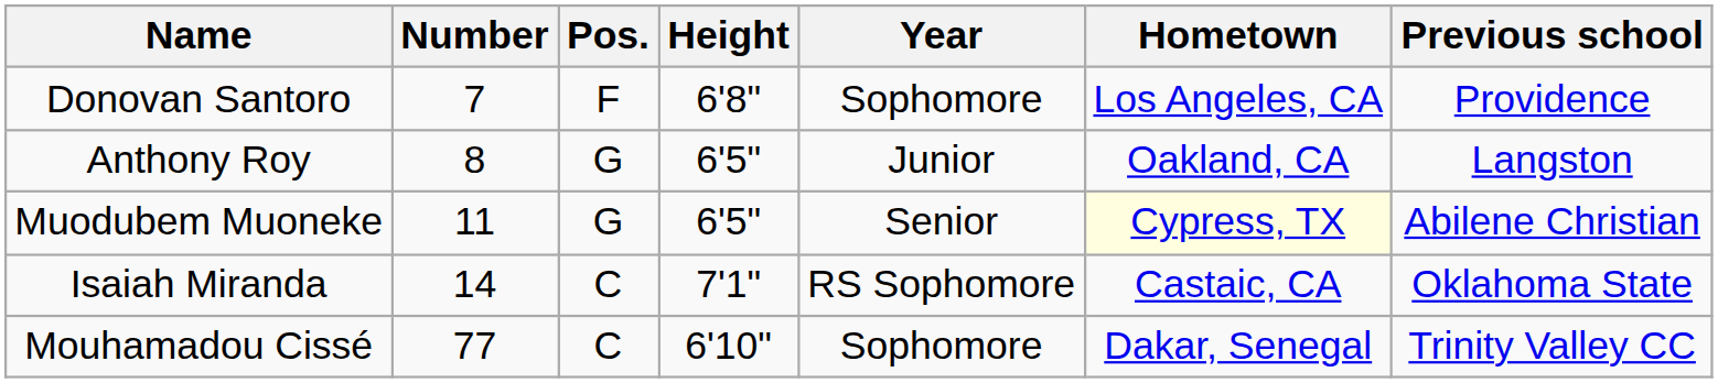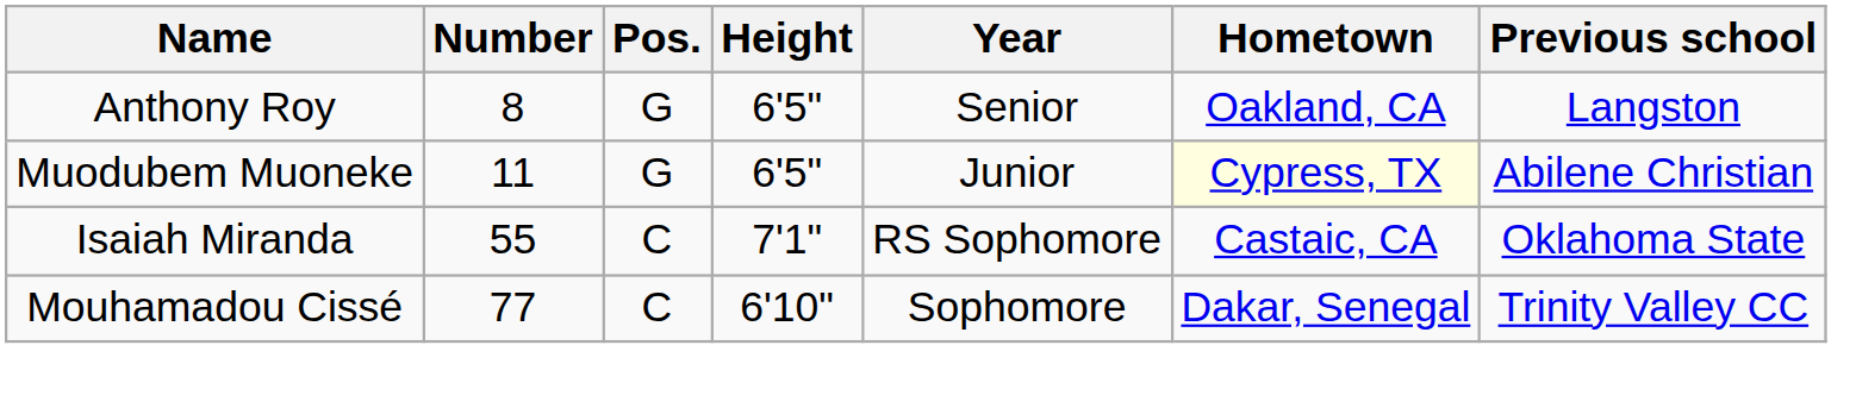 <table class="wikitable sortable sortable" style="text-align:center">
 <tr align=center>
 <th>Name</th>
 <th>Number</th>
 <th>Pos.</th>
 <th>Height</th>
 <th>Year</th>
 <th>Hometown</th>
 <th class="unsortable">Previous school</th>
 </tr>
 <tr>
-<td>Donovan Santoro</td>
-<td>7</td>
-<td>F</td>
-<td>6'8"</td>
-<td>Sophomore</td>
-<td><a href='#'>Los Angeles, CA</a></td>
-<td><a href='#'>Providence</a></td>
-</tr>
-<tr>
 <td>Anthony Roy</td>
 <td>8</td>
 <td>G</td>
 <td>6'5"</td>
-<td>Junior</td>
+<td>Senior</td>
 <td><a href='#'>Oakland, CA</a></td>
 <td><a href='#'>Langston</a></td>
 </tr>
 <tr>
 <td>Muodubem Muoneke</td>
 <td>11</td>
 <td>G</td>
 <td>6'5"</td>
-<td>Senior</td>
+<td>Junior</td>
 <td style="background: lightyellow;"><a href='#'>Cypress, TX</a></td>
 <td><a href='#'>Abilene Christian</a></td>
 </tr>
 <tr>
 <td>Isaiah Miranda</td>
-<td>14</td>
+<td>55</td>
 <td>C</td>
 <td>7'1"</td>
 <td>RS Sophomore</td>
 <td><a href='#'>Castaic, CA</a></td>
 <td><a href='#'>Oklahoma State</a></td>
 </tr>
 <tr>
 <td>Mouhamadou Cissé</td>
 <td>77</td>
 <td>C</td>
 <td>6'10"</td>
 <td>Sophomore</td>
 <td><a href='#'>Dakar, Senegal</a></td>
 <td><a href='#'>Trinity Valley CC</a></td>
 </tr>
 </table>
